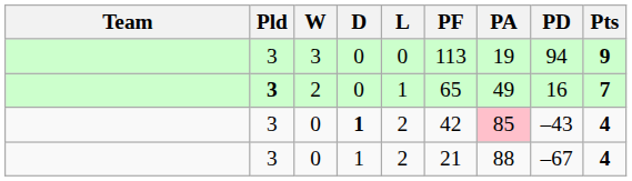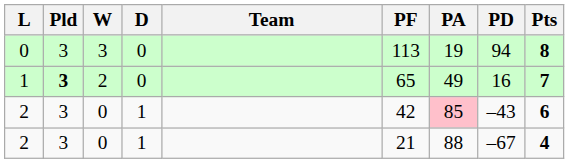 <table class="wikitable" style="text-align:center;">
 <tr>
-<th width=175>Team</th>
+<th width=25 abbr="Lost">L</th>
 <th width=25 abbr="Played">Pld</th>
 <th width=25 abbr="Won">W</th>
 <th width=25 abbr="Drawn">D</th>
-<th width=25 abbr="Lost">L</th>
+<th width=175>Team</th>
 <th width=32 abbr="Points for">PF</th>
 <th width=32 abbr="Points against">PA</th>
 <th width=32 abbr="Points difference">PD</th>
 <th width=25 abbr="Points">Pts</th>
 </tr>
 <tr bgcolor=ccffcc>
-<td align=left></td>
+<td>0</td>
 <td>3</td>
 <td>3</td>
 <td>0</td>
-<td>0</td>
+<td align=left></td>
 <td>113</td>
 <td>19</td>
 <td>94</td>
-<td><strong>9</strong></td>
+<td><strong>8</strong></td>
 </tr>
 <tr bgcolor=ccffcc>
-<td align=left></td>
+<td>1</td>
 <td><strong>3</strong></td>
 <td>2</td>
 <td>0</td>
-<td>1</td>
+<td align=left></td>
 <td>65</td>
 <td>49</td>
 <td>16</td>
 <td><strong>7</strong></td>
 </tr>
 <tr>
-<td align=left></td>
+<td>2</td>
 <td>3</td>
 <td>0</td>
-<td><strong>1</strong></td>
-<td>2</td>
+<td>1</td>
+<td align=left></td>
 <td>42</td>
 <td style="background: pink;">85</td>
 <td>–43</td>
-<td><strong>4</strong></td>
+<td><strong>6</strong></td>
 </tr>
 <tr>
-<td align=left></td>
+<td>2</td>
 <td>3</td>
 <td>0</td>
 <td>1</td>
-<td>2</td>
+<td align=left></td>
 <td>21</td>
 <td>88</td>
 <td>–67</td>
 <td><strong>4</strong></td>
 </tr>
 </table>
